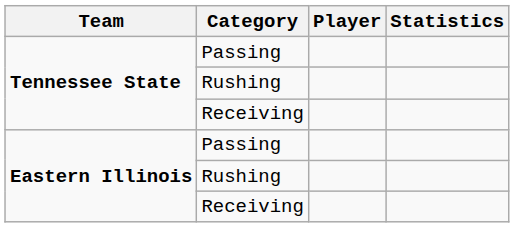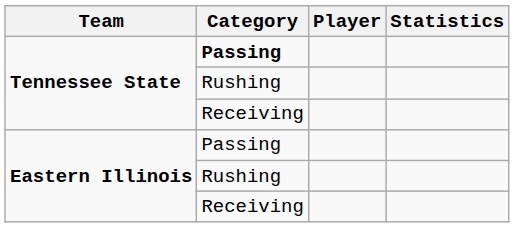 <table class="wikitable" style="float: right;">
 <tr>
 <th>Team</th>
 <th>Category</th>
 <th>Player</th>
 <th>Statistics</th>
 </tr>
 <tr>
 <td rowspan=3><strong>Tennessee State</strong></td>
-<td>Passing</td>
+<td><strong>Passing</strong></td>
 <td></td>
 <td></td>
 </tr>
 <tr>
 <td>Rushing</td>
 <td></td>
 <td></td>
 </tr>
 <tr>
 <td>Receiving</td>
 <td></td>
 <td></td>
 </tr>
 <tr>
 <td rowspan=3><strong>Eastern Illinois</strong></td>
 <td>Passing</td>
 <td></td>
 <td></td>
 </tr>
 <tr>
 <td>Rushing</td>
 <td></td>
 <td></td>
 </tr>
 <tr>
 <td>Receiving</td>
 <td></td>
 <td></td>
 </tr>
 </table>
